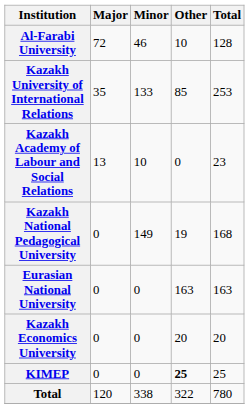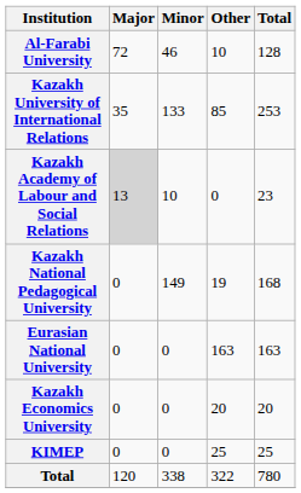 <table class="wikitable" align="right" width="300">
 <tr>
 <th>Institution</th>
 <th>Major</th>
 <th>Minor</th>
 <th>Other</th>
 <th>Total</th>
 </tr>
 <tr>
 <th><a href='#'>Al-Farabi University</a></th>
 <td>72</td>
 <td>46</td>
 <td>10</td>
 <td>128</td>
 </tr>
 <tr>
 <th><a href='#'>Kazakh University of International Relations</a></th>
 <td>35</td>
 <td>133</td>
 <td>85</td>
 <td>253</td>
 </tr>
 <tr>
 <th><a href='#'>Kazakh Academy of Labour and Social Relations</a></th>
-<td>13</td>
+<td style="background: lightgrey;">13</td>
 <td>10</td>
 <td>0</td>
 <td>23</td>
 </tr>
 <tr>
 <th><a href='#'>Kazakh National Pedagogical University</a></th>
 <td>0</td>
 <td>149</td>
 <td>19</td>
 <td>168</td>
 </tr>
 <tr>
 <th><a href='#'>Eurasian National University</a></th>
 <td>0</td>
 <td>0</td>
 <td>163</td>
 <td>163</td>
 </tr>
 <tr>
 <th><a href='#'>Kazakh Economics University</a></th>
 <td>0</td>
 <td>0</td>
 <td>20</td>
 <td>20</td>
 </tr>
 <tr>
 <th><a href='#'>KIMEP</a></th>
 <td>0</td>
 <td>0</td>
-<td><strong>25</strong></td>
+<td>25</td>
 <td>25</td>
 </tr>
 <tr>
 <th>Total</th>
 <td>120</td>
 <td>338</td>
 <td>322</td>
 <td>780</td>
 </tr>
 <tr>
 </tr>
 </table>
